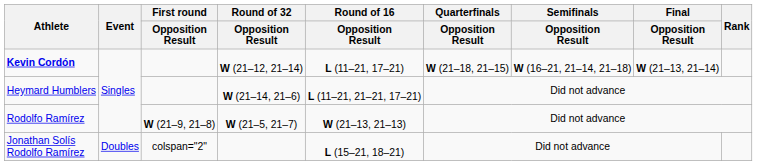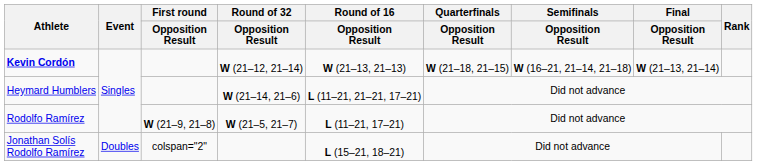 <table class="wikitable" style="font-size:90%">
 <tr>
 <th rowspan="2">Athlete</th>
 <th rowspan="2">Event</th>
 <th>First round</th>
 <th>Round of 32</th>
 <th>Round of 16</th>
 <th>Quarterfinals</th>
 <th>Semifinals</th>
 <th>Final</th>
 <th rowspan="2">Rank</th>
 </tr>
 <tr>
 <th>Opposition<br>Result</th>
 <th>Opposition<br>Result</th>
 <th>Opposition<br>Result</th>
 <th>Opposition<br>Result</th>
 <th>Opposition<br>Result</th>
 <th>Opposition<br>Result</th>
 </tr>
 <tr align=center>
 <td align=left><strong><a href='#'>Kevin Cordón</a></strong></td>
 <td align=left rowspan="3"><a href='#'>Singles</a></td>
 <td></td>
 <td><br><strong>W</strong> (21–12, 21–14)</td>
-<td><br><strong>L</strong> (11–21, 17–21)</td>
+<td><br><strong>W</strong> (21–13, 21–13)</td>
 <td><br><strong>W</strong> (21–18, 21–15)</td>
 <td><br><strong>W</strong> (16–21, 21–14, 21–18)</td>
 <td><br><strong>W</strong> (21–13, 21–14)</td>
 <td></td>
 </tr>
 <tr align=center>
 <td align=left><a href='#'>Heymard Humblers</a></td>
 <td></td>
 <td><br><strong>W</strong> (21–14, 21–6)</td>
 <td><br><strong>L</strong> (11–21, 21–21, 17–21)</td>
 <td colspan="4">Did not advance</td>
 </tr>
 <tr align=center>
 <td align=left><a href='#'>Rodolfo Ramírez</a></td>
 <td><br><strong>W</strong> (21–9, 21–8)</td>
 <td><br><strong>W</strong> (21–5, 21–7)</td>
-<td><br><strong>W</strong> (21–13, 21–13)</td>
+<td><br><strong>L</strong> (11–21, 17–21)</td>
 <td colspan="4">Did not advance</td>
 </tr>
 <tr align=center>
 <td align=left><a href='#'>Jonathan Solís</a><br><a href='#'>Rodolfo Ramírez</a></td>
 <td align=left><a href='#'>Doubles</a></td>
 <td>colspan="2" </td>
 <td></td>
 <td><br><strong>L</strong> (15–21, 18–21)</td>
 <td colspan="3">Did not advance</td>
 </tr>
 </table>
